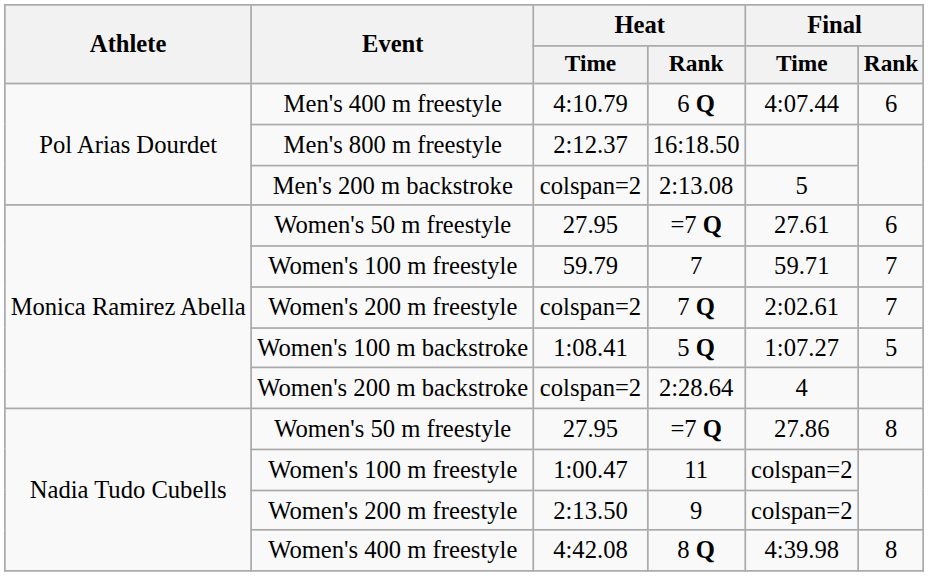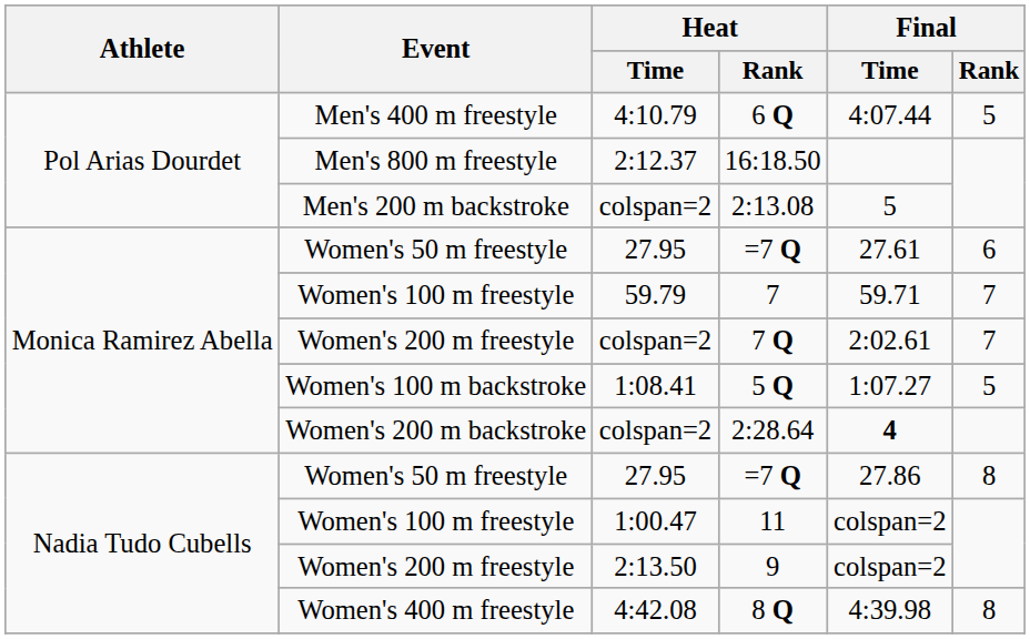 <table class=wikitable style="font-size:90%">
 <tr>
 <th rowspan=2>Athlete</th>
 <th rowspan=2>Event</th>
 <th colspan=2>Heat</th>
 <th colspan=2>Final</th>
 </tr>
 <tr style="font-size:95%">
 <th>Time</th>
 <th>Rank</th>
 <th>Time</th>
 <th>Rank</th>
 </tr>
 <tr align=center>
 <td rowspan=3>Pol Arias Dourdet</td>
 <td>Men's 400 m freestyle</td>
 <td>4:10.79</td>
 <td>6 <strong>Q</strong></td>
 <td>4:07.44</td>
-<td>6</td>
+<td>5</td>
 </tr>
 <tr align=center>
 <td>Men's 800 m freestyle</td>
 <td>2:12.37</td>
 <td>16:18.50</td>
 <td></td>
 </tr>
 <tr align=center>
 <td>Men's 200 m backstroke</td>
 <td>colspan=2 </td>
 <td>2:13.08</td>
 <td>5</td>
 </tr>
 <tr align=center>
 <td rowspan=5>Monica Ramirez Abella</td>
 <td>Women's 50 m freestyle</td>
 <td>27.95</td>
 <td>=7 <strong>Q</strong></td>
 <td>27.61</td>
 <td>6</td>
 </tr>
 <tr align=center>
 <td>Women's 100 m freestyle</td>
 <td>59.79</td>
 <td>7</td>
 <td>59.71</td>
 <td>7</td>
 </tr>
 <tr align=center>
 <td>Women's 200 m freestyle</td>
 <td>colspan=2 </td>
 <td>7 <strong>Q</strong></td>
 <td>2:02.61</td>
 <td>7</td>
 </tr>
 <tr align=center>
 <td>Women's 100 m backstroke</td>
 <td>1:08.41</td>
 <td>5 <strong>Q</strong></td>
 <td>1:07.27</td>
 <td>5</td>
 </tr>
 <tr align=center>
 <td>Women's 200 m backstroke</td>
 <td>colspan=2 </td>
 <td>2:28.64</td>
-<td>4</td>
+<td><strong>4</strong></td>
 </tr>
 <tr align=center>
 <td rowspan=4>Nadia Tudo Cubells</td>
 <td>Women's 50 m freestyle</td>
 <td>27.95</td>
 <td>=7 <strong>Q</strong></td>
 <td>27.86</td>
 <td>8</td>
 </tr>
 <tr align=center>
 <td>Women's 100 m freestyle</td>
 <td>1:00.47</td>
 <td>11</td>
 <td>colspan=2 </td>
 </tr>
 <tr align=center>
 <td>Women's 200 m freestyle</td>
 <td>2:13.50</td>
 <td>9</td>
 <td>colspan=2 </td>
 </tr>
 <tr align=center>
 <td>Women's 400 m freestyle</td>
 <td>4:42.08</td>
 <td>8 <strong>Q</strong></td>
 <td>4:39.98</td>
 <td>8</td>
 </tr>
 </table>
